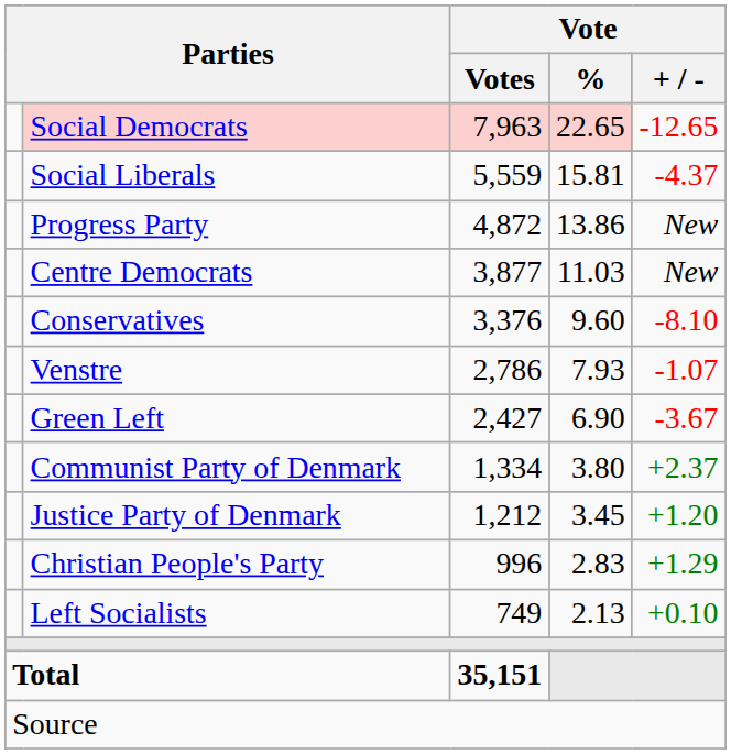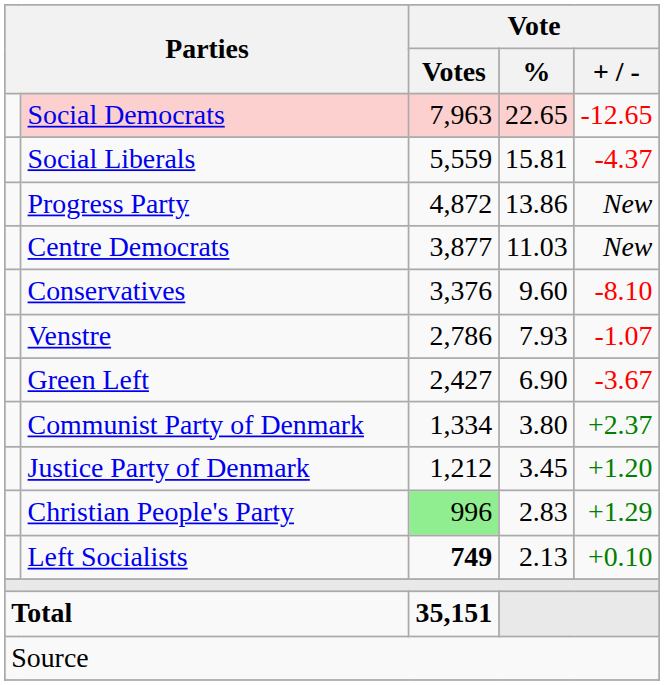 <table class="wikitable" style="text-align:right;">
 <tr>
 <th style="text-align:centre;" rowspan="2" colspan="2" width="225">Parties</th>
 <th colspan="3">Vote</th>
 </tr>
 <tr>
 <th width="15">Votes</th>
 <th width="15">%</th>
 <th width="15">+ / -</th>
 </tr>
 <tr>
 <td width="2" style="color:inherit;background:"></td>
 <td bgcolor=#fbd0ce  align="left"><a href='#'>Social Democrats</a></td>
 <td bgcolor=#fbd0ce>7,963</td>
 <td bgcolor=#fbd0ce>22.65</td>
 <td style=color:red;>-12.65</td>
 </tr>
 <tr>
 <td width="2" style="color:inherit;background:"></td>
 <td align="left"><a href='#'>Social Liberals</a></td>
 <td>5,559</td>
 <td>15.81</td>
 <td style=color:red;>-4.37</td>
 </tr>
 <tr>
 <td width="2" style="color:inherit;background:"></td>
 <td align="left"><a href='#'>Progress Party</a></td>
 <td>4,872</td>
 <td>13.86</td>
 <td><em>New</em></td>
 </tr>
 <tr>
 <td width="2" style="color:inherit;background:"></td>
 <td align="left"><a href='#'>Centre Democrats</a></td>
 <td>3,877</td>
 <td>11.03</td>
 <td><em>New</em></td>
 </tr>
 <tr>
 <td width="2" style="color:inherit;background:"></td>
 <td align="left"><a href='#'>Conservatives</a></td>
 <td>3,376</td>
 <td>9.60</td>
 <td style=color:red;>-8.10</td>
 </tr>
 <tr>
 <td width="2" style="color:inherit;background:"></td>
 <td align="left"><a href='#'>Venstre</a></td>
 <td>2,786</td>
 <td>7.93</td>
 <td style=color:red;>-1.07</td>
 </tr>
 <tr>
 <td width="2" style="color:inherit;background:"></td>
 <td align="left"><a href='#'>Green Left</a></td>
 <td>2,427</td>
 <td>6.90</td>
 <td style=color:red;>-3.67</td>
 </tr>
 <tr>
 <td width="2" style="color:inherit;background:"></td>
 <td align="left"><a href='#'>Communist Party of Denmark</a></td>
 <td>1,334</td>
 <td>3.80</td>
 <td style=color:green;>+2.37</td>
 </tr>
 <tr>
 <td width="2" style="color:inherit;background:"></td>
 <td align="left"><a href='#'>Justice Party of Denmark</a></td>
 <td>1,212</td>
 <td>3.45</td>
 <td style=color:green;>+1.20</td>
 </tr>
 <tr>
 <td width="2" style="color:inherit;background:"></td>
 <td align="left"><a href='#'>Christian People's Party</a></td>
-<td>996</td>
+<td style="background: lightgreen;">996</td>
 <td>2.83</td>
 <td style=color:green;>+1.29</td>
 </tr>
 <tr>
 <td width="2" style="color:inherit;background:"></td>
 <td align="left"><a href='#'>Left Socialists</a></td>
-<td>749</td>
+<td><strong>749</strong></td>
 <td>2.13</td>
 <td style=color:green;>+0.10</td>
 </tr>
 <tr>
 <td colspan="7" bgcolor="#E9E9E9"></td>
 </tr>
 <tr>
 <td align="left" colspan="2"><strong>Total</strong></td>
 <td><strong>35,151</strong></td>
 <td bgcolor="#E9E9E9" colspan="2"></td>
 </tr>
 <tr>
 <td align="left" colspan="6">Source</td>
 </tr>
 </table>
